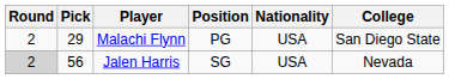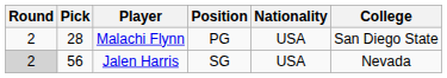 <table class="wikitable sortable sortable">
 <tr>
 <th>Round</th>
 <th>Pick</th>
 <th>Player</th>
 <th>Position</th>
 <th>Nationality</th>
 <th>College</th>
 </tr>
 <tr style="text-align: center">
 <td>2</td>
-<td>29</td>
+<td>28</td>
 <td><a href='#'>Malachi Flynn</a></td>
 <td>PG</td>
 <td>USA</td>
 <td>San Diego State</td>
 </tr>
 <tr style="text-align: center">
 <td style="background: lightgrey;">2</td>
 <td>56</td>
 <td><a href='#'>Jalen Harris</a></td>
 <td>SG</td>
 <td>USA</td>
 <td>Nevada</td>
 </tr>
 </table>
